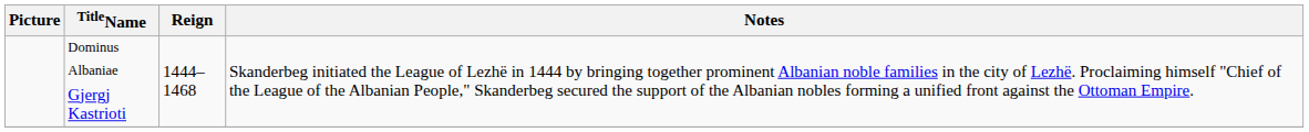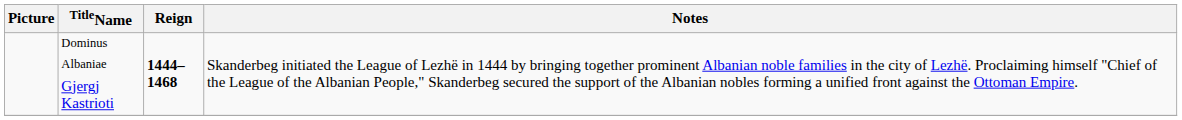 <table class="wikitable">
 <tr ->
 <th>Picture</th>
 <th><sup>Title</sup>Name</th>
 <th>Reign</th>
 <th>Notes</th>
 </tr>
 <tr ->
 <td></td>
 <td><sup>Dominus Albaniae</sup><br><a href='#'>Gjergj Kastrioti</a></td>
-<td>1444–1468</td>
+<td><strong>1444–1468</strong></td>
 <td>Skanderbeg initiated the League of Lezhë in 1444 by bringing together prominent <a href='#'>Albanian noble families</a> in the city of <a href='#'>Lezhë</a>. Proclaiming himself "Chief of the League of the Albanian People," Skanderbeg secured the support of the Albanian nobles forming a unified front against the <a href='#'>Ottoman Empire</a>.</td>
 </tr>
 <tr ->
 </tr>
 </table>
